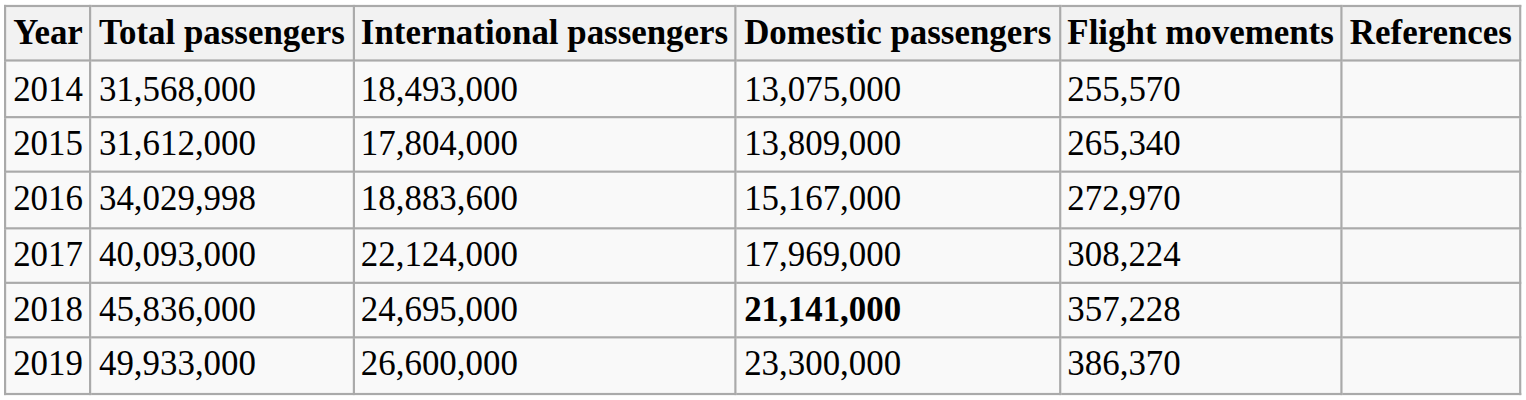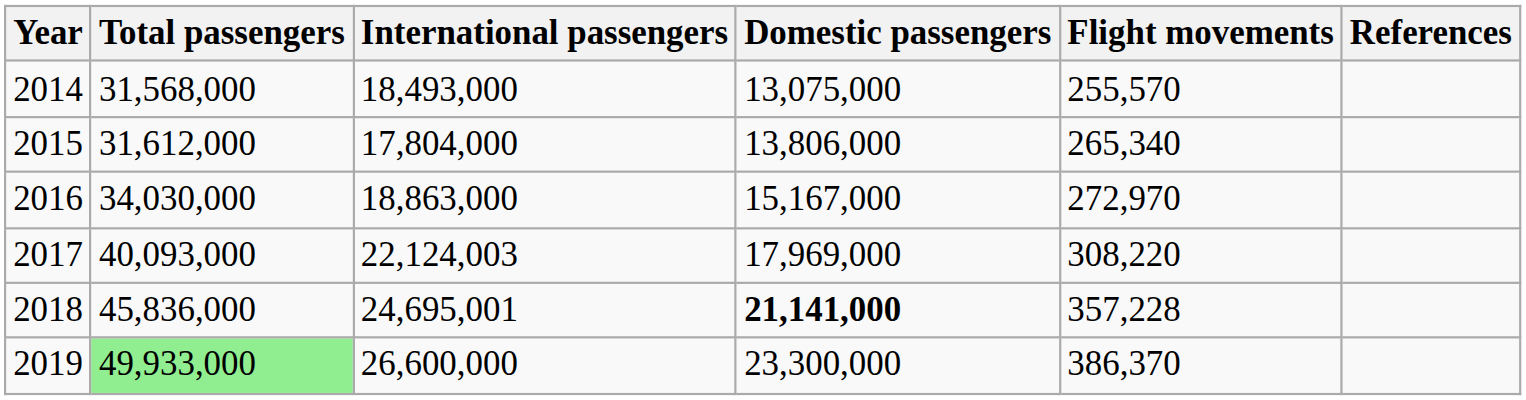 <table class="wikitable" style="display:inline-table;">
 <tr>
 <th>Year</th>
 <th>Total passengers</th>
 <th>International passengers</th>
 <th>Domestic passengers</th>
 <th>Flight movements</th>
 <th>References</th>
 </tr>
 <tr>
 <td>2014</td>
 <td>31,568,000</td>
 <td>18,493,000</td>
 <td>13,075,000</td>
 <td>255,570</td>
 <td></td>
 </tr>
 <tr>
 <td>2015</td>
 <td>31,612,000</td>
 <td>17,804,000</td>
-<td>13,809,000</td>
+<td>13,806,000</td>
 <td>265,340</td>
 <td></td>
 </tr>
 <tr>
 <td>2016</td>
-<td>34,029,998</td>
-<td>18,883,600</td>
+<td>34,030,000</td>
+<td>18,863,000</td>
 <td>15,167,000</td>
 <td>272,970</td>
 <td></td>
 </tr>
 <tr>
 <td>2017</td>
 <td>40,093,000</td>
-<td>22,124,000</td>
+<td>22,124,003</td>
 <td>17,969,000</td>
-<td>308,224</td>
+<td>308,220</td>
 <td></td>
 </tr>
 <tr>
 <td>2018</td>
 <td>45,836,000</td>
-<td>24,695,000</td>
+<td>24,695,001</td>
 <td><strong>21,141,000</strong></td>
 <td>357,228</td>
 <td></td>
 </tr>
 <tr>
 <td>2019</td>
-<td>49,933,000</td>
+<td style="background: lightgreen;">49,933,000</td>
 <td>26,600,000</td>
 <td>23,300,000</td>
 <td>386,370</td>
 <td></td>
 </tr>
 </table>
